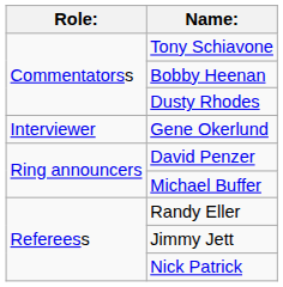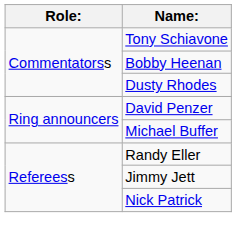 <table class=wikitable style="font-size:90%; margin: 0.5em 0 0.5em 1em; float: right; clear: right;">
 <tr>
 <th>Role:</th>
 <th>Name:</th>
 </tr>
 <tr>
 <td rowspan=3><a href='#'>Commentators</a>s</td>
 <td><a href='#'>Tony Schiavone</a></td>
 </tr>
 <tr>
 <td><a href='#'>Bobby Heenan</a></td>
 </tr>
 <tr>
 <td><a href='#'>Dusty Rhodes</a></td>
-</tr>
-<tr>
-<td><a href='#'>Interviewer</a></td>
-<td><a href='#'>Gene Okerlund</a></td>
 </tr>
 <tr>
 <td rowspan=2><a href='#'>Ring announcers</a></td>
 <td><a href='#'>David Penzer</a></td>
 </tr>
 <tr>
 <td><a href='#'>Michael Buffer</a></td>
 </tr>
 <tr>
 <td rowspan=3><a href='#'>Referees</a>s</td>
 <td>Randy Eller</td>
 </tr>
 <tr>
 <td>Jimmy Jett</td>
 </tr>
 <tr>
 <td><a href='#'>Nick Patrick</a></td>
 </tr>
 </table>
